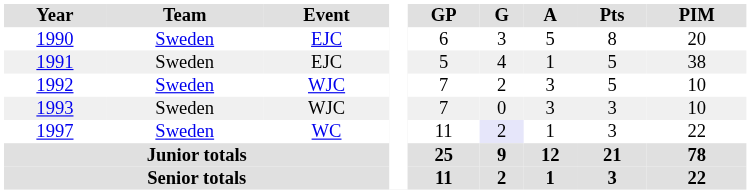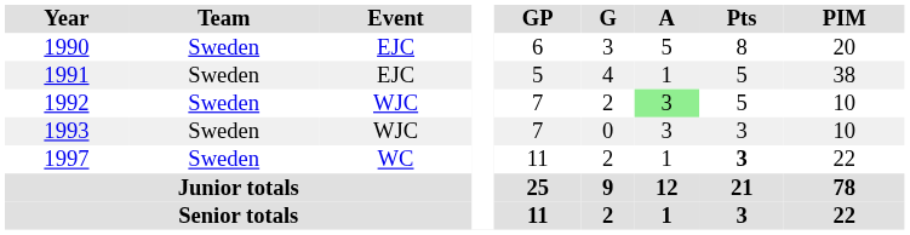 <table border="0" cellpadding="1" cellspacing="0" style="text-align:center; width:40em">
 <tr ALIGN="center" bgcolor="#e0e0e0">
 <th>Year</th>
 <th>Team</th>
 <th>Event</th>
 <th rowspan="99" bgcolor="#ffffff"> </th>
 <th>GP</th>
 <th>G</th>
 <th>A</th>
 <th>Pts</th>
 <th>PIM</th>
 </tr>
 <tr>
 <td><a href='#'>1990</a></td>
 <td><a href='#'>Sweden</a></td>
 <td><a href='#'>EJC</a></td>
 <td>6</td>
 <td>3</td>
 <td>5</td>
 <td>8</td>
 <td>20</td>
 </tr>
 <tr bgcolor="#f0f0f0">
 <td><a href='#'>1991</a></td>
 <td>Sweden</td>
 <td>EJC</td>
 <td>5</td>
 <td>4</td>
 <td>1</td>
 <td>5</td>
 <td>38</td>
 </tr>
 <tr>
 <td><a href='#'>1992</a></td>
 <td><a href='#'>Sweden</a></td>
 <td><a href='#'>WJC</a></td>
 <td>7</td>
 <td>2</td>
-<td>3</td>
+<td style="background: lightgreen;">3</td>
 <td>5</td>
 <td>10</td>
 </tr>
 <tr bgcolor="#f0f0f0">
 <td><a href='#'>1993</a></td>
 <td>Sweden</td>
 <td>WJC</td>
 <td>7</td>
 <td>0</td>
 <td>3</td>
 <td>3</td>
 <td>10</td>
 </tr>
 <tr>
 <td><a href='#'>1997</a></td>
 <td><a href='#'>Sweden</a></td>
 <td><a href='#'>WC</a></td>
 <td>11</td>
-<td style="background: lavender;">2</td>
+<td>2</td>
 <td>1</td>
-<td>3</td>
+<td><strong>3</strong></td>
 <td>22</td>
 </tr>
 <tr bgcolor="#e0e0e0">
 <th colspan=3>Junior totals</th>
 <th>25</th>
 <th>9</th>
 <th>12</th>
 <th>21</th>
 <th>78</th>
 </tr>
 <tr bgcolor="#e0e0e0">
 <th colspan=3>Senior totals</th>
 <th>11</th>
 <th>2</th>
 <th>1</th>
 <th>3</th>
 <th>22</th>
 </tr>
 </table>
